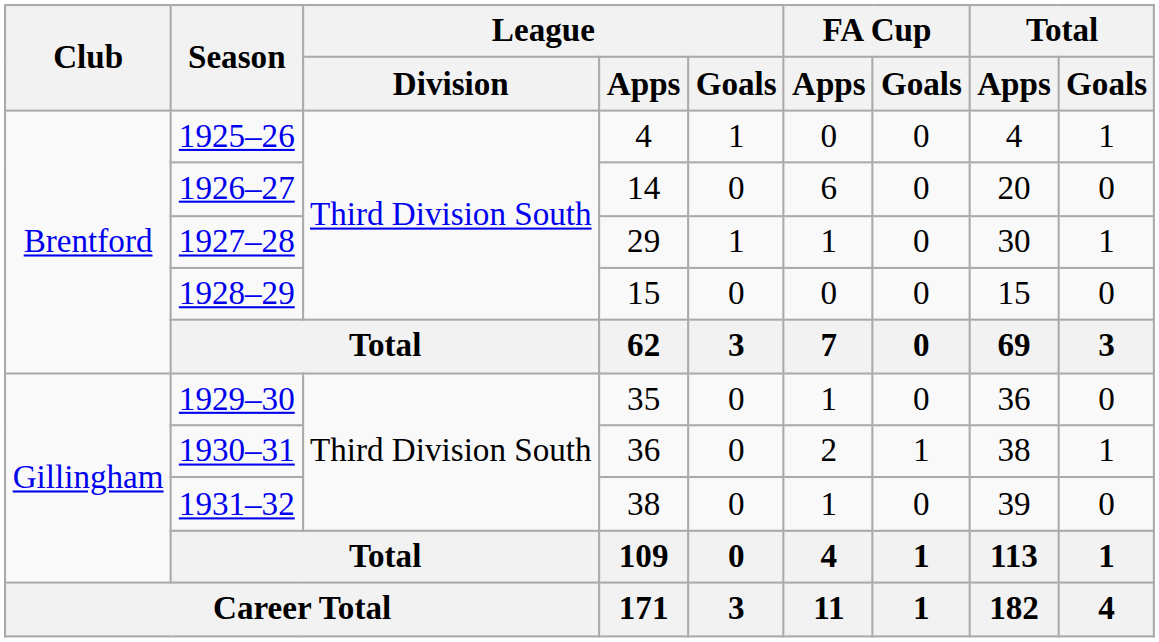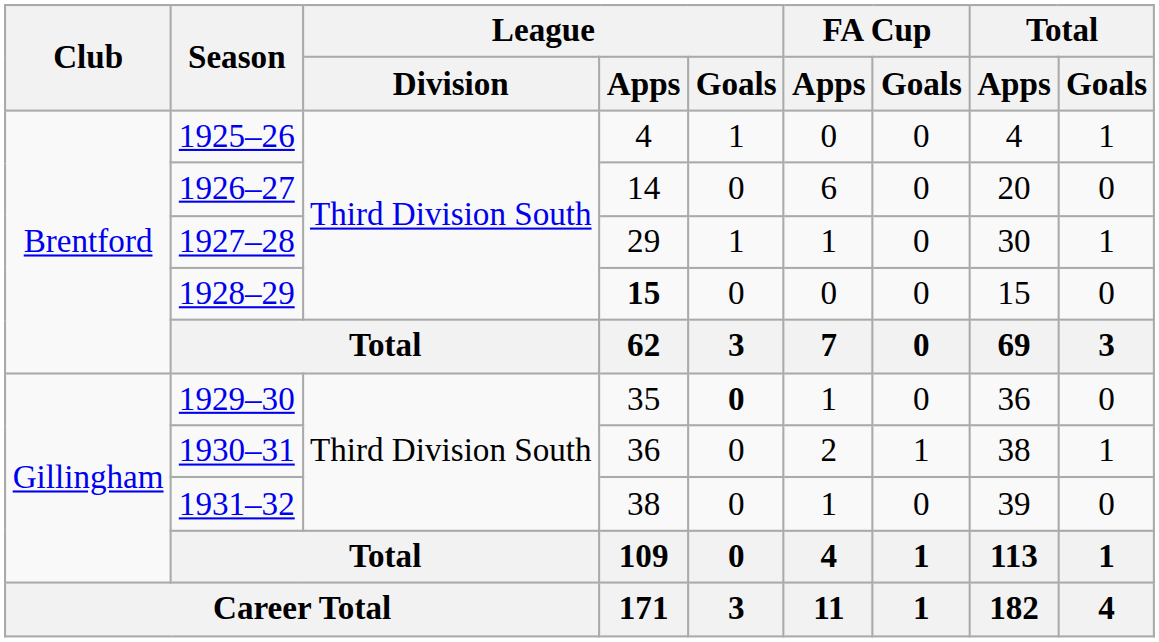 <table class="wikitable" style="text-align: center;">
 <tr>
 <th rowspan="2">Club</th>
 <th rowspan="2">Season</th>
 <th colspan="3">League</th>
 <th colspan="2">FA Cup</th>
 <th colspan="2">Total</th>
 </tr>
 <tr>
 <th>Division</th>
 <th>Apps</th>
 <th>Goals</th>
 <th>Apps</th>
 <th>Goals</th>
 <th>Apps</th>
 <th>Goals</th>
 </tr>
 <tr>
 <td rowspan="5"><a href='#'>Brentford</a></td>
 <td><a href='#'>1925–26</a></td>
 <td rowspan="4"><a href='#'>Third Division South</a></td>
 <td>4</td>
 <td>1</td>
 <td>0</td>
 <td>0</td>
 <td>4</td>
 <td>1</td>
 </tr>
 <tr>
 <td><a href='#'>1926–27</a></td>
 <td>14</td>
 <td>0</td>
 <td>6</td>
 <td>0</td>
 <td>20</td>
 <td>0</td>
 </tr>
 <tr>
 <td><a href='#'>1927–28</a></td>
 <td>29</td>
 <td>1</td>
 <td>1</td>
 <td>0</td>
 <td>30</td>
 <td>1</td>
 </tr>
 <tr>
 <td><a href='#'>1928–29</a></td>
-<td>15</td>
+<td><strong>15</strong></td>
 <td>0</td>
 <td>0</td>
 <td>0</td>
 <td>15</td>
 <td>0</td>
 </tr>
 <tr>
 <th colspan="2">Total</th>
 <th>62</th>
 <th>3</th>
 <th>7</th>
 <th>0</th>
 <th>69</th>
 <th>3</th>
 </tr>
 <tr>
 <td rowspan="4"><a href='#'>Gillingham</a></td>
 <td><a href='#'>1929–30</a></td>
 <td rowspan="3">Third Division South</td>
 <td>35</td>
-<td>0</td>
+<td><strong>0</strong></td>
 <td>1</td>
 <td>0</td>
 <td>36</td>
 <td>0</td>
 </tr>
 <tr>
 <td><a href='#'>1930–31</a></td>
 <td>36</td>
 <td>0</td>
 <td>2</td>
 <td>1</td>
 <td>38</td>
 <td>1</td>
 </tr>
 <tr>
 <td><a href='#'>1931–32</a></td>
 <td>38</td>
 <td>0</td>
 <td>1</td>
 <td>0</td>
 <td>39</td>
 <td>0</td>
 </tr>
 <tr>
 <th colspan="2">Total</th>
 <th>109</th>
 <th>0</th>
 <th>4</th>
 <th>1</th>
 <th>113</th>
 <th>1</th>
 </tr>
 <tr>
 <th colspan="3">Career Total</th>
 <th>171</th>
 <th>3</th>
 <th>11</th>
 <th>1</th>
 <th>182</th>
 <th>4</th>
 </tr>
 </table>
